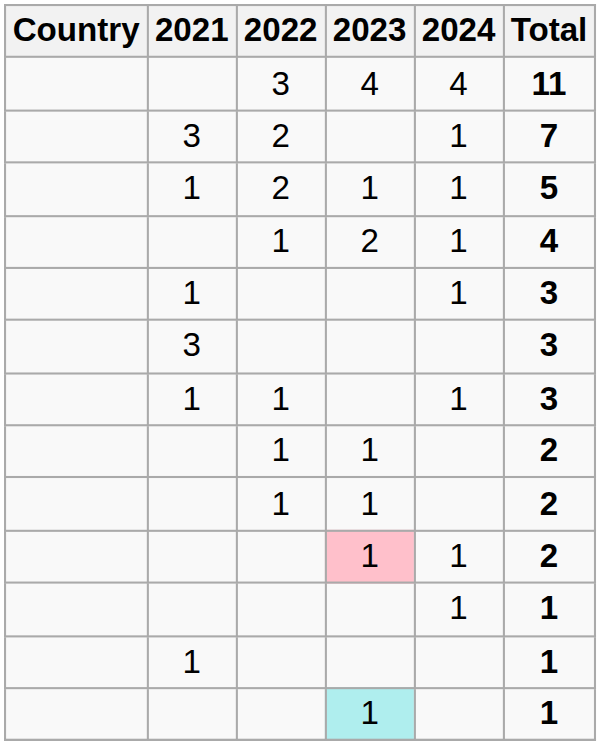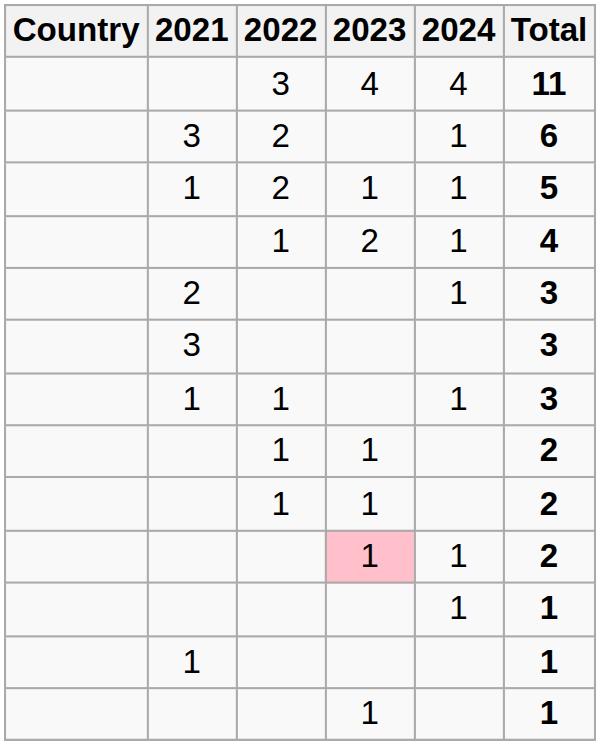 <table class="wikitable" style="text-align: center;">
 <tr>
 <th>Country</th>
 <th>2021</th>
 <th>2022</th>
 <th>2023</th>
 <th>2024</th>
 <th>Total</th>
 </tr>
 <tr>
 <td align="left"></td>
 <td></td>
 <td>3</td>
 <td>4</td>
 <td>4</td>
 <td><strong>11</strong></td>
 </tr>
 <tr>
 <td align="left"></td>
 <td>3</td>
 <td>2</td>
 <td></td>
 <td>1</td>
-<td><strong>7</strong></td>
+<td><strong>6</strong></td>
 </tr>
 <tr>
 <td align="left"></td>
 <td>1</td>
 <td>2</td>
 <td>1</td>
 <td>1</td>
 <td><strong>5</strong></td>
 </tr>
 <tr>
 <td align="left"></td>
 <td></td>
 <td>1</td>
 <td>2</td>
 <td>1</td>
 <td><strong>4</strong></td>
 </tr>
 <tr>
 <td align="left"></td>
-<td>1</td>
+<td>2</td>
 <td></td>
 <td></td>
 <td>1</td>
 <td><strong>3</strong></td>
 </tr>
 <tr>
 <td align="left"></td>
 <td>3</td>
 <td></td>
 <td></td>
 <td></td>
 <td><strong>3</strong></td>
 </tr>
 <tr>
 <td align="left"></td>
 <td>1</td>
 <td>1</td>
 <td></td>
 <td>1</td>
 <td><strong>3</strong></td>
 </tr>
 <tr>
 <td align="left"></td>
 <td></td>
 <td>1</td>
 <td>1</td>
 <td></td>
 <td><strong>2</strong></td>
 </tr>
 <tr>
 <td align="left"></td>
 <td></td>
 <td>1</td>
 <td>1</td>
 <td></td>
 <td><strong>2</strong></td>
 </tr>
 <tr>
 <td align="left"></td>
 <td></td>
 <td></td>
 <td style="background: pink;">1</td>
 <td>1</td>
 <td><strong>2</strong></td>
 </tr>
 <tr>
 <td align="left"></td>
 <td></td>
 <td></td>
 <td></td>
 <td>1</td>
 <td><strong>1</strong></td>
 </tr>
 <tr>
 <td align="left"></td>
 <td>1</td>
 <td></td>
 <td></td>
 <td></td>
 <td><strong>1</strong></td>
 </tr>
 <tr>
 <td align="left"></td>
 <td></td>
 <td></td>
-<td style="background: paleturquoise;">1</td>
+<td>1</td>
 <td></td>
 <td><strong>1</strong></td>
 </tr>
 <tr>
 </tr>
 </table>
